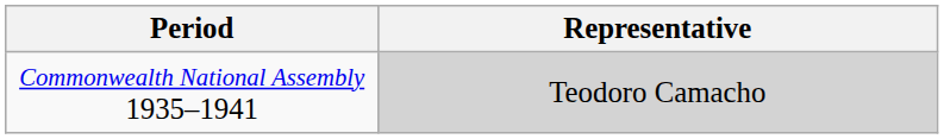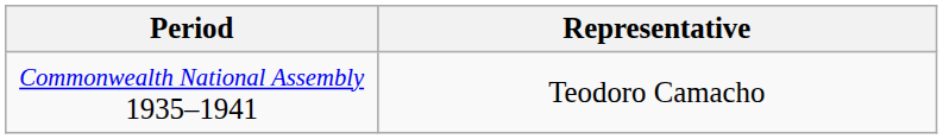 <table class="wikitable" style="text-align:center; width:40%;">
 <tr>
 <th width="40%">Period</th>
 <th>Representative</th>
 </tr>
 <tr>
 <td><small><a href='#'><em>Commonwealth National Assembly</em></a></small><br>1935–1941</td>
-<td style="background: lightgrey;">Teodoro Camacho</td>
+<td>Teodoro Camacho</td>
 </tr>
 </table>
